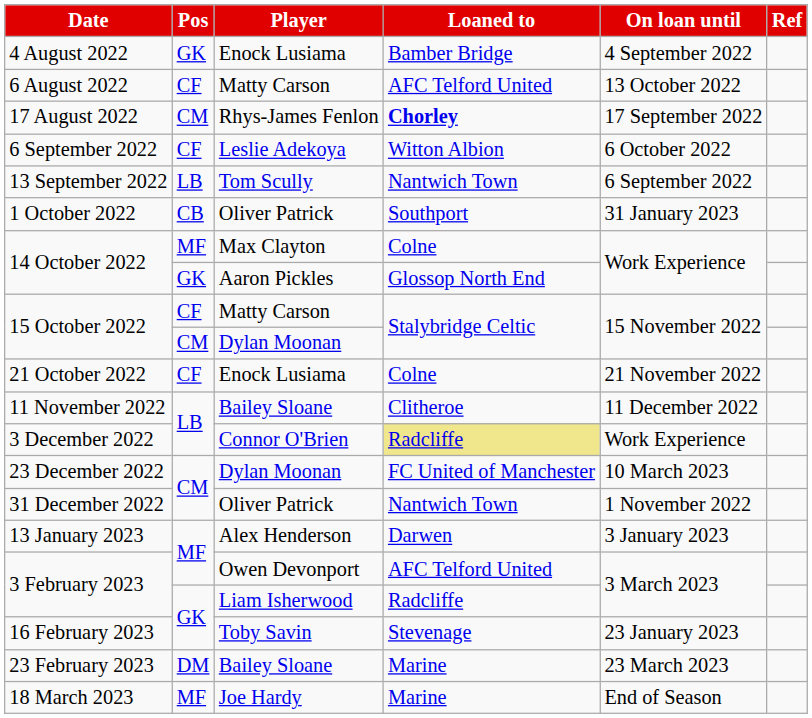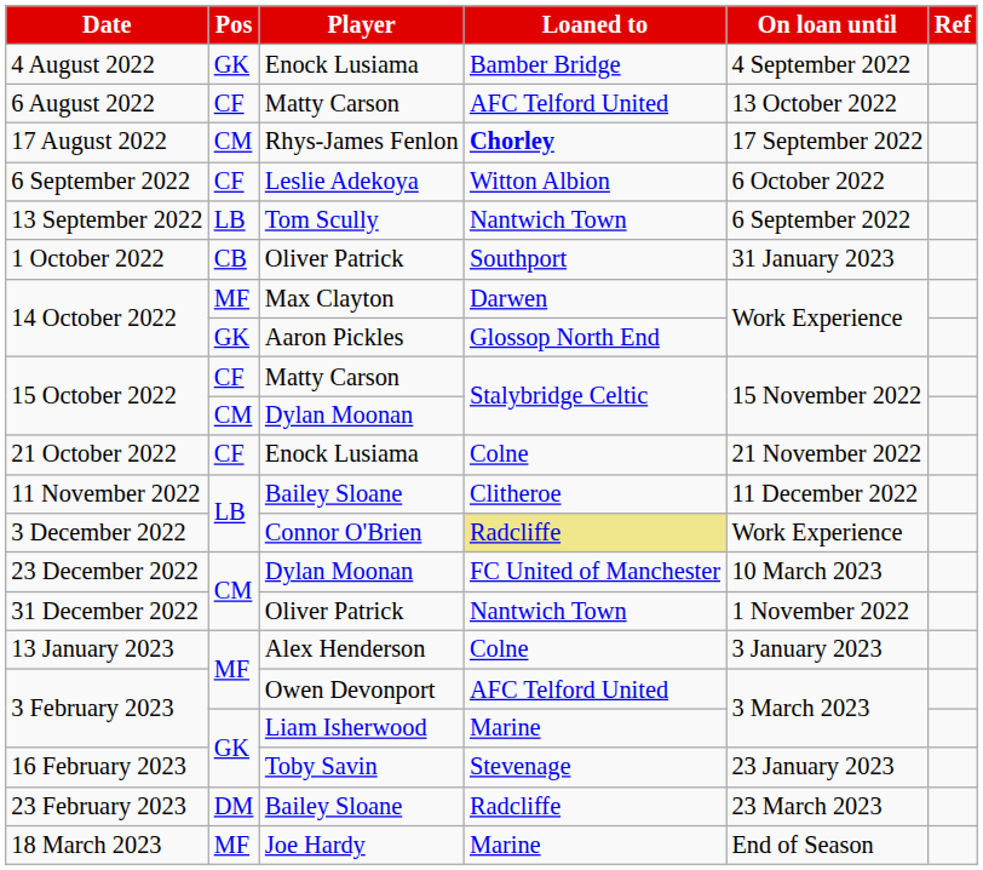 <table class="wikitable plainrowheaders sortable">
 <tr>
 <th style="background:#E00000; color:#ffffff; ">Date</th>
 <th style="background:#E00000; color:#ffffff; ">Pos</th>
 <th style="background:#E00000; color:#ffffff; ">Player</th>
 <th style="background:#E00000; color:#ffffff; ">Loaned to</th>
 <th style="background:#E00000; color:#ffffff; ">On loan until</th>
 <th style="background:#E00000; color:#ffffff; ">Ref</th>
 </tr>
 <tr>
 <td>4 August 2022</td>
 <td><a href='#'>GK</a></td>
 <td> Enock Lusiama</td>
 <td> <a href='#'>Bamber Bridge</a></td>
 <td>4 September 2022</td>
 <td></td>
 </tr>
 <tr>
 <td>6 August 2022</td>
 <td><a href='#'>CF</a></td>
 <td> Matty Carson</td>
 <td> <a href='#'>AFC Telford United</a></td>
 <td>13 October 2022</td>
 <td></td>
 </tr>
 <tr>
 <td>17 August 2022</td>
 <td><a href='#'>CM</a></td>
 <td> Rhys-James Fenlon</td>
 <td><strong> <a href='#'>Chorley</a></strong></td>
 <td>17 September 2022</td>
 <td></td>
 </tr>
 <tr>
 <td>6 September 2022</td>
 <td><a href='#'>CF</a></td>
 <td> <a href='#'>Leslie Adekoya</a></td>
 <td> <a href='#'>Witton Albion</a></td>
 <td>6 October 2022</td>
 <td></td>
 </tr>
 <tr>
 <td>13 September 2022</td>
 <td><a href='#'>LB</a></td>
 <td> <a href='#'>Tom Scully</a></td>
 <td> <a href='#'>Nantwich Town</a></td>
 <td>6 September 2022</td>
 <td></td>
 </tr>
 <tr>
 <td>1 October 2022</td>
 <td><a href='#'>CB</a></td>
 <td> Oliver Patrick</td>
 <td> <a href='#'>Southport</a></td>
 <td>31 January 2023</td>
 <td></td>
 </tr>
 <tr>
 <td rowspan="2">14 October 2022</td>
 <td><a href='#'>MF</a></td>
 <td> Max Clayton</td>
-<td> <a href='#'>Colne</a></td>
+<td> <a href='#'>Darwen</a></td>
 <td rowspan="2">Work Experience</td>
 <td></td>
 </tr>
 <tr>
 <td><a href='#'>GK</a></td>
 <td> Aaron Pickles</td>
 <td> <a href='#'>Glossop North End</a></td>
 <td></td>
 </tr>
 <tr>
 <td rowspan="2">15 October 2022</td>
 <td><a href='#'>CF</a></td>
 <td> Matty Carson</td>
 <td rowspan="2"> <a href='#'>Stalybridge Celtic</a></td>
 <td rowspan="2">15 November 2022</td>
 <td></td>
 </tr>
 <tr>
 <td><a href='#'>CM</a></td>
 <td> <a href='#'>Dylan Moonan</a></td>
 <td></td>
 </tr>
 <tr>
 <td>21 October 2022</td>
 <td><a href='#'>CF</a></td>
 <td> Enock Lusiama</td>
 <td> <a href='#'>Colne</a></td>
 <td>21 November 2022</td>
 <td></td>
 </tr>
 <tr>
 <td>11 November 2022</td>
 <td rowspan="2"><a href='#'>LB</a></td>
 <td> <a href='#'>Bailey Sloane</a></td>
 <td> <a href='#'>Clitheroe</a></td>
 <td>11 December 2022</td>
 <td></td>
 </tr>
 <tr>
 <td>3 December 2022</td>
 <td> <a href='#'>Connor O'Brien</a></td>
 <td style="background: khaki;"> <a href='#'>Radcliffe</a></td>
 <td>Work Experience</td>
 <td></td>
 </tr>
 <tr>
 <td>23 December 2022</td>
 <td rowspan="2"><a href='#'>CM</a></td>
 <td> <a href='#'>Dylan Moonan</a></td>
 <td> <a href='#'>FC United of Manchester</a></td>
 <td>10 March 2023</td>
 <td></td>
 </tr>
 <tr>
 <td>31 December 2022</td>
 <td> Oliver Patrick</td>
 <td> <a href='#'>Nantwich Town</a></td>
 <td>1 November 2022</td>
 <td></td>
 </tr>
 <tr>
 <td>13 January 2023</td>
 <td rowspan="2"><a href='#'>MF</a></td>
 <td> Alex Henderson</td>
-<td> <a href='#'>Darwen</a></td>
+<td> <a href='#'>Colne</a></td>
 <td>3 January 2023</td>
 <td></td>
 </tr>
 <tr>
 <td rowspan="2">3 February 2023</td>
 <td> Owen Devonport</td>
 <td> <a href='#'>AFC Telford United</a></td>
 <td rowspan="2">3 March 2023</td>
 <td></td>
 </tr>
 <tr>
 <td rowspan="2"><a href='#'>GK</a></td>
 <td> <a href='#'>Liam Isherwood</a></td>
-<td> <a href='#'>Radcliffe</a></td>
+<td> <a href='#'>Marine</a></td>
 <td></td>
 </tr>
 <tr>
 <td>16 February 2023</td>
 <td> <a href='#'>Toby Savin</a></td>
 <td> <a href='#'>Stevenage</a></td>
 <td>23 January 2023</td>
 <td></td>
 </tr>
 <tr>
 <td>23 February 2023</td>
 <td><a href='#'>DM</a></td>
 <td> <a href='#'>Bailey Sloane</a></td>
-<td> <a href='#'>Marine</a></td>
+<td> <a href='#'>Radcliffe</a></td>
 <td>23 March 2023</td>
 <td></td>
 </tr>
 <tr>
 <td>18 March 2023</td>
 <td><a href='#'>MF</a></td>
 <td> <a href='#'>Joe Hardy</a></td>
 <td> <a href='#'>Marine</a></td>
 <td>End of Season</td>
 <td></td>
 </tr>
 </table>
